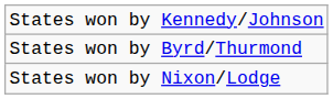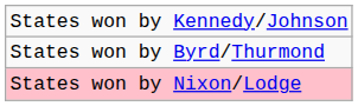 <table class="wikitable">
 <tr>
 <td>States won by <a href='#'>Kennedy</a>/<a href='#'>Johnson</a></td>
 </tr>
 <tr>
 <td>States won by <a href='#'>Byrd</a>/<a href='#'>Thurmond</a></td>
 </tr>
 <tr>
-<td>States won by <a href='#'>Nixon</a>/<a href='#'>Lodge</a></td>
+<td style="background: pink;">States won by <a href='#'>Nixon</a>/<a href='#'>Lodge</a></td>
 </tr>
 </table>
